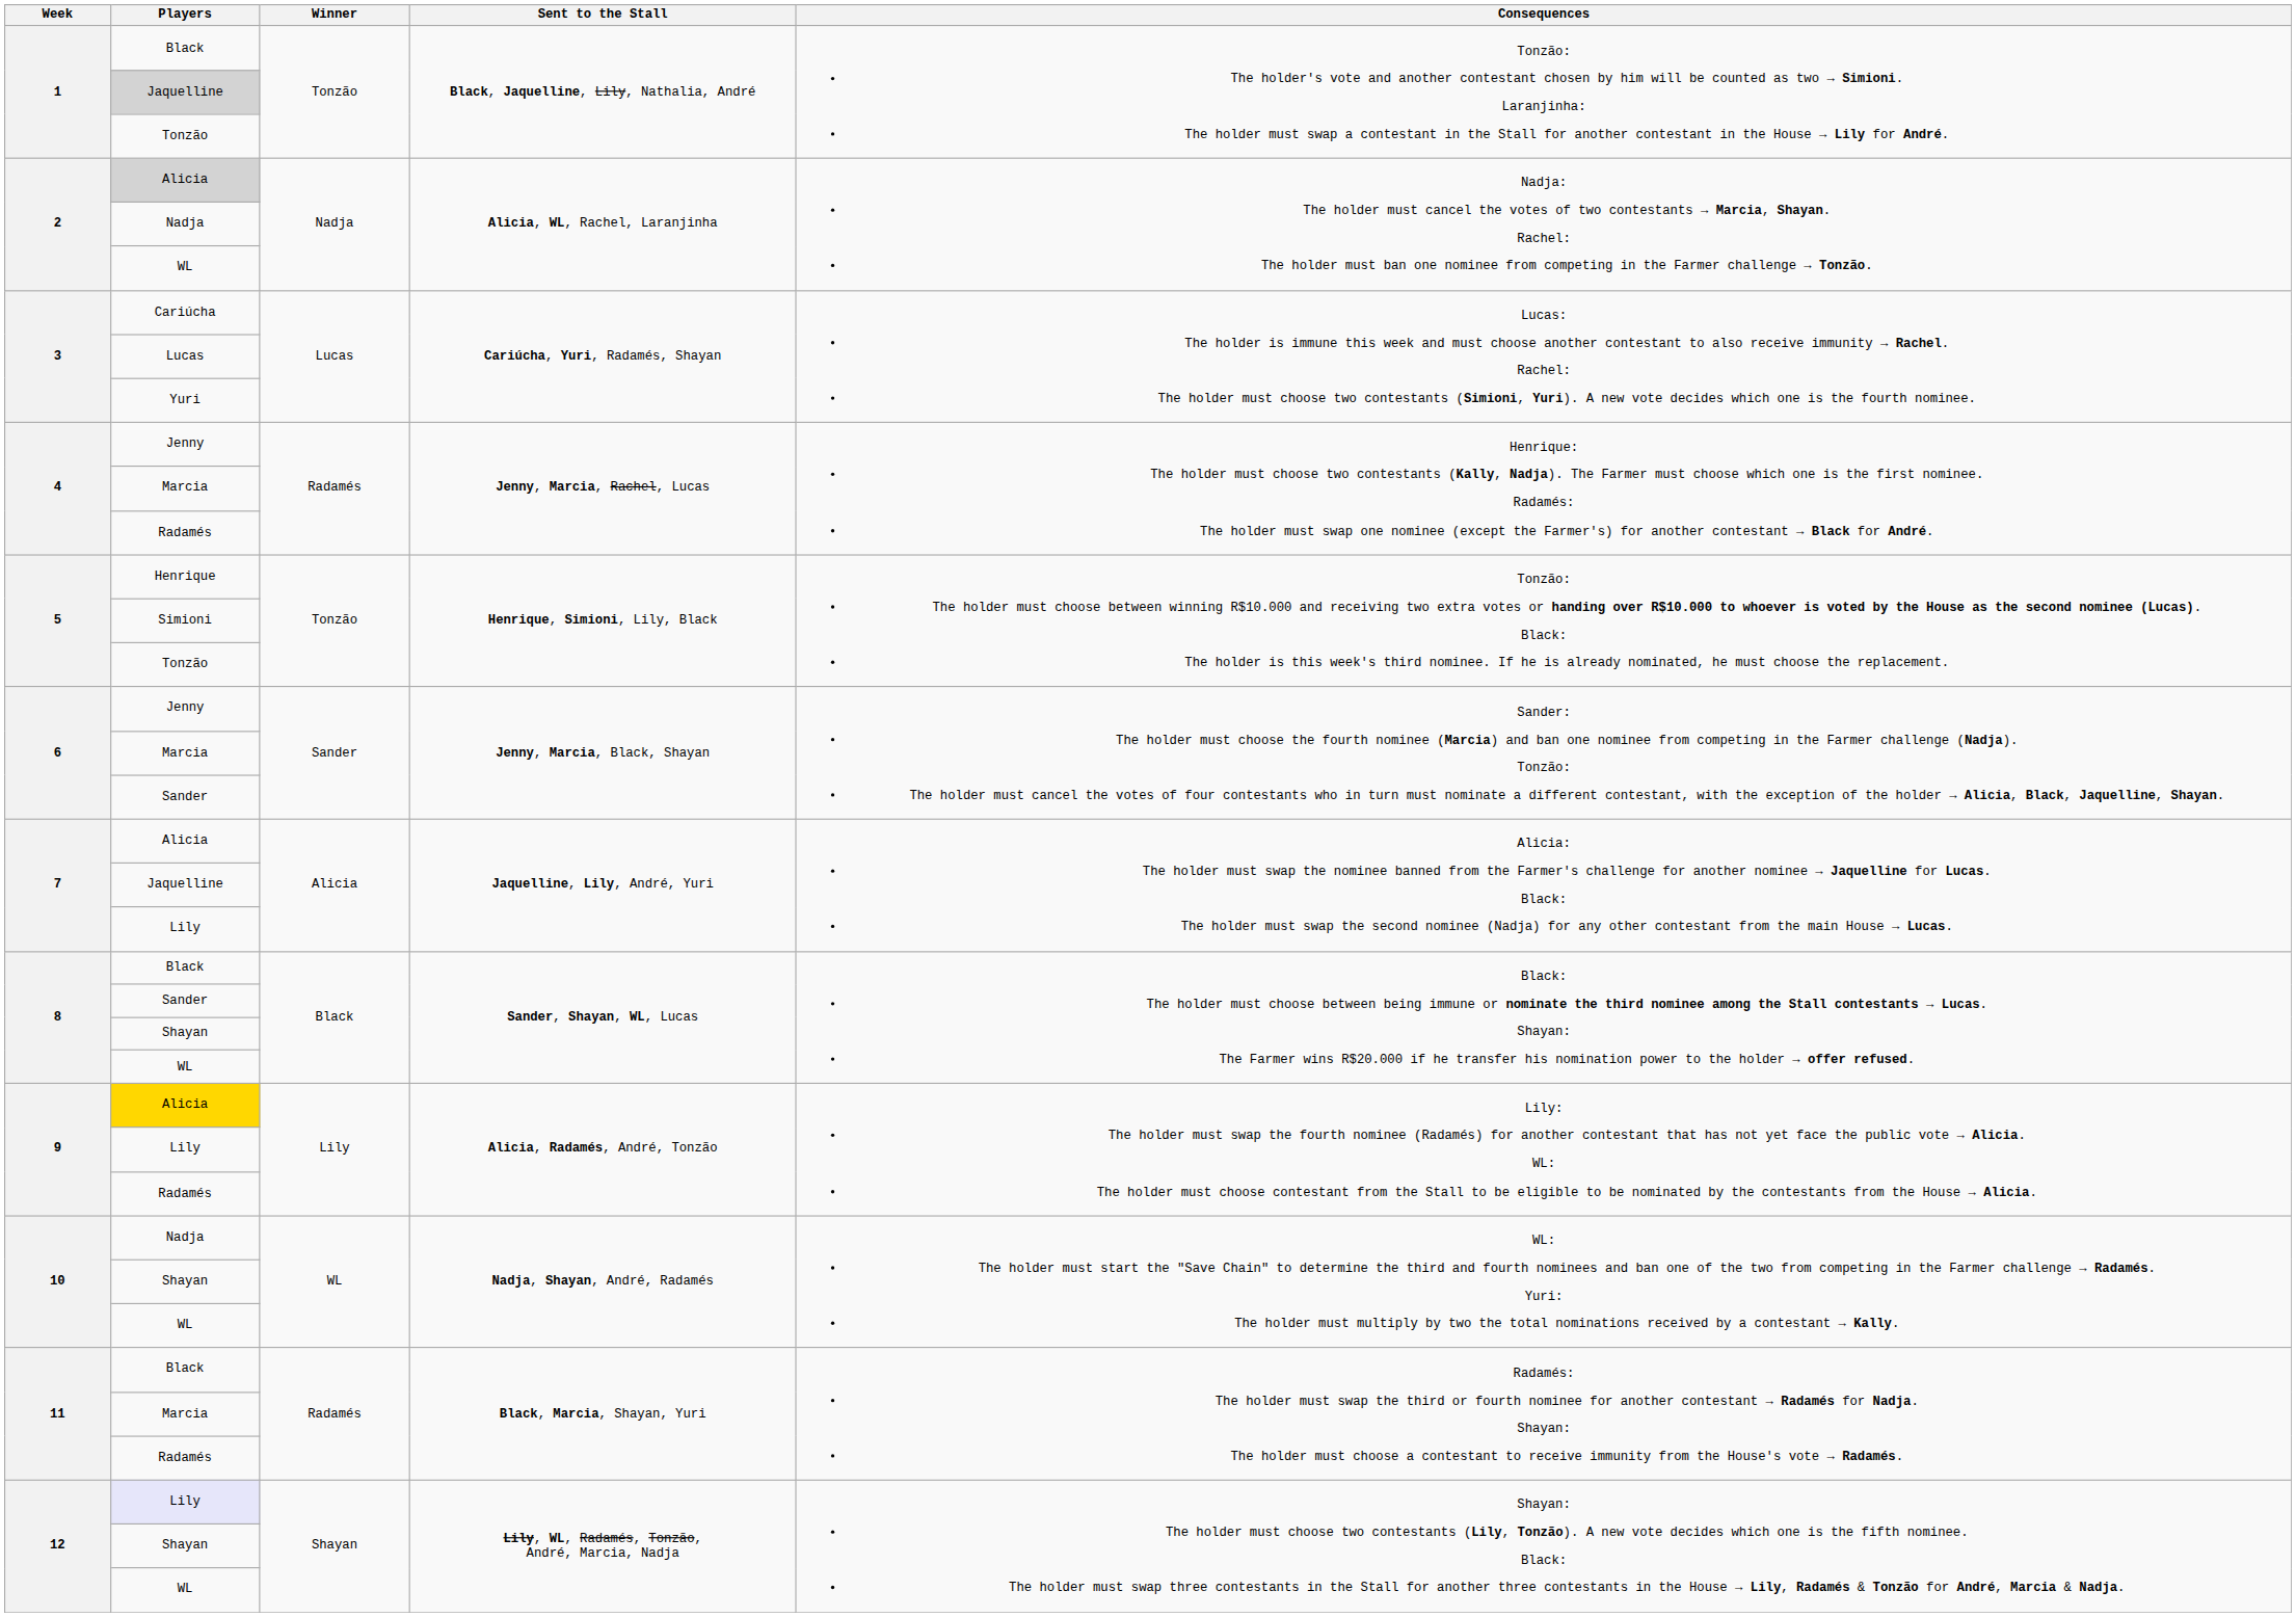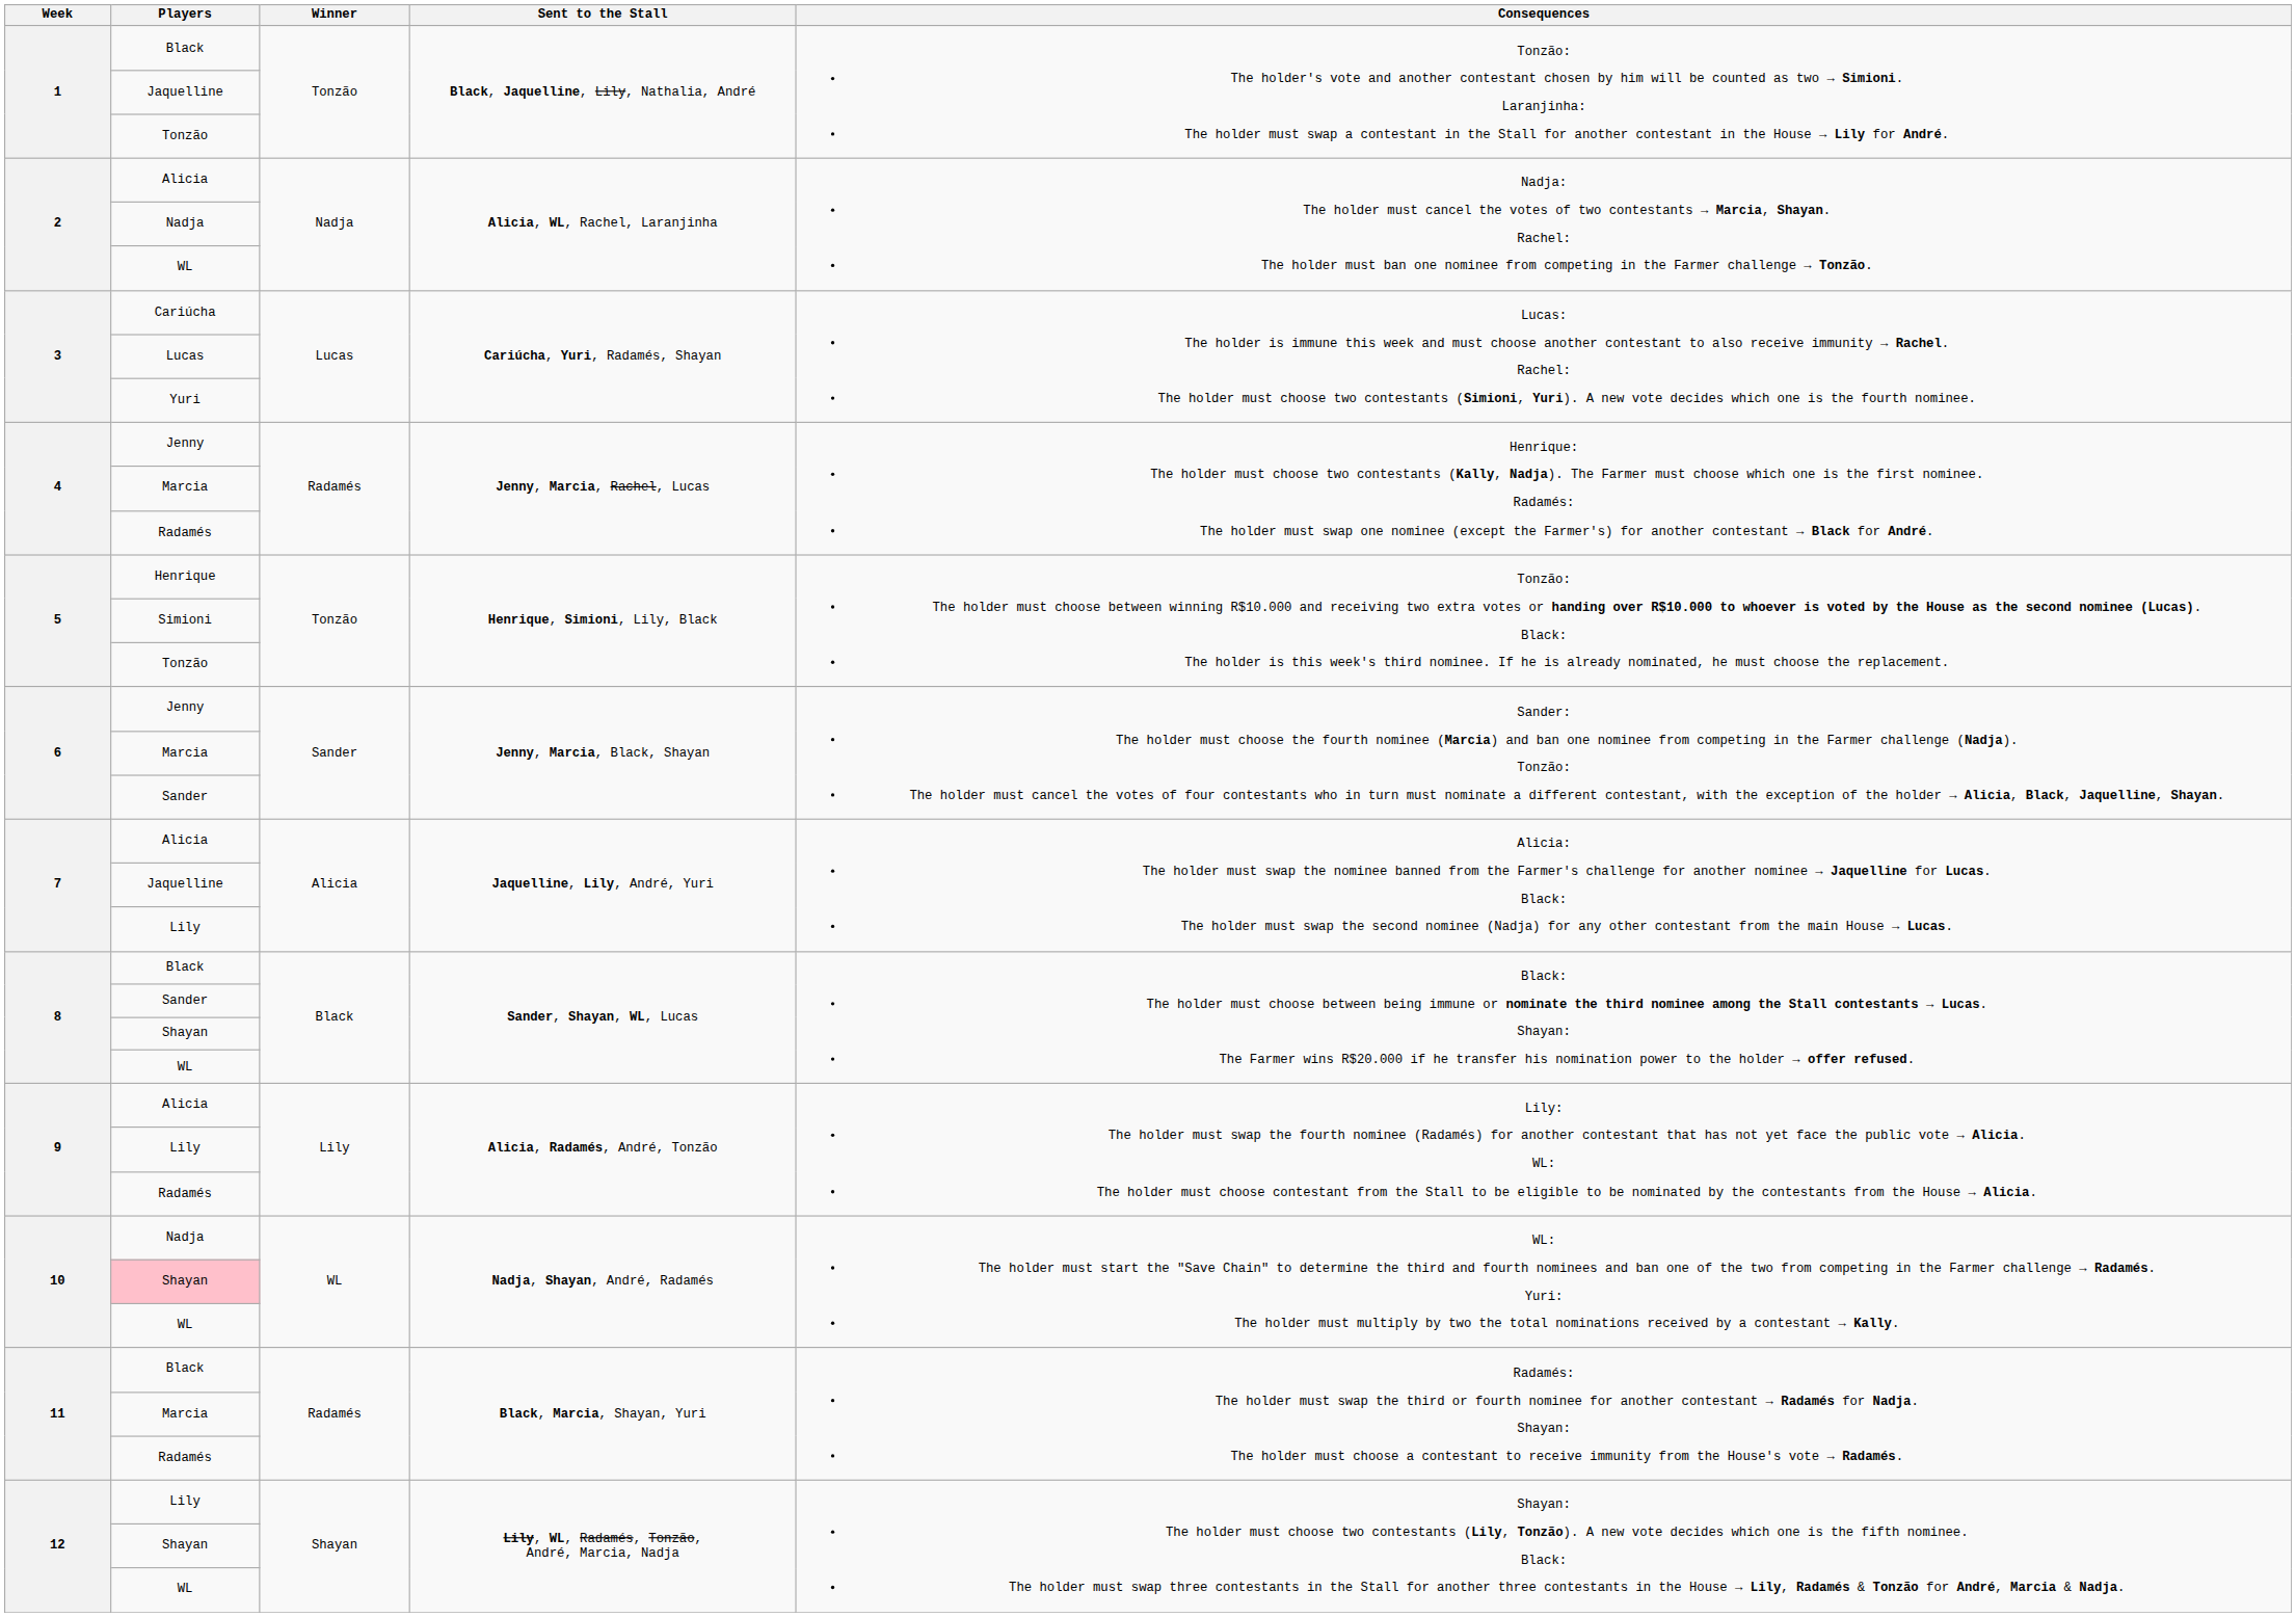 <table class="wikitable" style="text-align:center; font-size:85%; width:100%; line-height:13px;">
 <tr>
 <th width="03.00%">Week</th>
 <th width="04.25%">Players</th>
 <th width="04.25%">Winner</th>
 <th width="11.00%">Sent to the Stall</th>
 <th width="42.50%">Consequences</th>
 </tr>
 <tr>
 <th rowspan=3>1</th>
 <td>Black</td>
 <td rowspan=3>Tonzão</td>
 <td rowspan=3 style="height:90px"><strong>Black</strong>, <strong>Jaquelline</strong>, <s>Lily</s>, Nathalia, André</td>
 <td rowspan=3><br>Tonzão:<ul><li> The holder's vote and another contestant chosen by him will be counted as two → <strong>Simioni</strong>.</li></ul>Laranjinha:<ul><li> The holder must swap a contestant in the Stall for another contestant in the House → <strong>Lily</strong> for <strong>André</strong>.</li></ul></td>
 </tr>
 <tr>
-<td style="background: lightgrey;">Jaquelline</td>
+<td>Jaquelline</td>
 </tr>
 <tr>
 <td>Tonzão</td>
 </tr>
 <tr>
 <th rowspan=3>2</th>
-<td style="background: lightgrey;">Alicia</td>
+<td>Alicia</td>
 <td rowspan=3>Nadja</td>
 <td rowspan=3 style="height:90px"><strong>Alicia</strong>, <strong>WL</strong>, Rachel, Laranjinha</td>
 <td rowspan=3><br>Nadja:<ul><li> The holder must cancel the votes of two contestants → <strong>Marcia</strong>, <strong>Shayan</strong>.</li></ul>Rachel:<ul><li> The holder must ban one nominee from competing in the Farmer challenge → <strong>Tonzão</strong>.</li></ul></td>
 </tr>
 <tr>
 <td>Nadja</td>
 </tr>
 <tr>
 <td>WL</td>
 </tr>
 <tr>
 <th rowspan=3>3</th>
 <td>Cariúcha</td>
 <td rowspan=3>Lucas</td>
 <td rowspan=3 style="height:90px"><strong>Cariúcha</strong>, <strong>Yuri</strong>, Radamés, Shayan</td>
 <td rowspan=3><br>Lucas:<ul><li> The holder is immune this week and must choose another contestant to also receive immunity → <strong>Rachel</strong>.</li></ul>Rachel:<ul><li> The holder must choose two contestants (<strong>Simioni</strong>, <strong>Yuri</strong>). A new vote decides which one is the fourth nominee.</li></ul></td>
 </tr>
 <tr>
 <td>Lucas</td>
 </tr>
 <tr>
 <td>Yuri</td>
 </tr>
 <tr>
 <th rowspan=3>4</th>
 <td>Jenny</td>
 <td rowspan=3>Radamés</td>
 <td rowspan=3 style="height:90px"><strong>Jenny</strong>, <strong>Marcia</strong>, <s>Rachel</s>, Lucas</td>
 <td rowspan=3><br>Henrique:<ul><li> The holder must choose two contestants (<strong>Kally</strong>, <strong>Nadja</strong>). The Farmer must choose which one is the first nominee.</li></ul>Radamés:<ul><li> The holder must swap one nominee (except the Farmer's) for another contestant → <strong>Black</strong> for <strong>André</strong>.</li></ul></td>
 </tr>
 <tr>
 <td>Marcia</td>
 </tr>
 <tr>
 <td>Radamés</td>
 </tr>
 <tr>
 <th rowspan=3>5</th>
 <td>Henrique</td>
 <td rowspan=3>Tonzão</td>
 <td rowspan=3 style="height:90px"><strong>Henrique</strong>, <strong>Simioni</strong>, Lily, Black</td>
 <td rowspan=3><br>Tonzão:<ul><li> The holder must choose between winning R$10.000 and receiving two extra votes or <strong>handing over R$10.000 to whoever is voted by the House as the second nominee (Lucas)</strong>.</li></ul>Black:<ul><li> The holder is this week's third nominee. If he is already nominated, he must choose the replacement.</li></ul></td>
 </tr>
 <tr>
 <td>Simioni</td>
 </tr>
 <tr>
 <td>Tonzão</td>
 </tr>
 <tr>
 <th rowspan=3>6</th>
 <td>Jenny</td>
 <td rowspan=3>Sander</td>
 <td rowspan=3 style="height:90px"><strong>Jenny</strong>, <strong>Marcia</strong>, Black, Shayan</td>
 <td rowspan=3><br>Sander:<ul><li> The holder must choose the fourth nominee (<strong>Marcia</strong>) and ban one nominee from competing in the Farmer challenge (<strong>Nadja</strong>).</li></ul>Tonzão:<ul><li> The holder must cancel the votes of four contestants who in turn must nominate a different contestant, with the exception of the holder → <strong>Alicia</strong>, <strong>Black</strong>, <strong>Jaquelline</strong>, <strong>Shayan</strong>.</li></ul></td>
 </tr>
 <tr>
 <td>Marcia</td>
 </tr>
 <tr>
 <td>Sander</td>
 </tr>
 <tr>
 <th rowspan=3>7</th>
 <td>Alicia</td>
 <td rowspan=3>Alicia</td>
 <td rowspan=3 style="height:90px"><strong>Jaquelline</strong>, <strong>Lily</strong>, André, Yuri</td>
 <td rowspan=3><br>Alicia:<ul><li> The holder must swap the nominee banned from the Farmer's challenge for another nominee → <strong>Jaquelline</strong> for <strong>Lucas</strong>.</li></ul>Black:<ul><li> The holder must swap the second nominee (Nadja) for any other contestant from the main House → <strong>Lucas</strong>.</li></ul></td>
 </tr>
 <tr>
 <td>Jaquelline</td>
 </tr>
 <tr>
 <td>Lily</td>
 </tr>
 <tr>
 <th rowspan=4>8</th>
 <td>Black</td>
 <td rowspan=4>Black</td>
 <td rowspan=4 style="height:90px"><strong>Sander</strong>, <strong>Shayan</strong>, <strong>WL</strong>, Lucas</td>
 <td rowspan=4><br>Black:<ul><li> The holder must choose between being immune or <strong>nominate the third nominee among the Stall contestants → Lucas</strong>.</li></ul>Shayan:<ul><li> The Farmer wins R$20.000 if he transfer his nomination power to the holder → <strong>offer refused</strong>.</li></ul></td>
 </tr>
 <tr>
 <td>Sander</td>
 </tr>
 <tr>
 <td>Shayan</td>
 </tr>
 <tr>
 <td>WL</td>
 </tr>
 <tr>
 <th rowspan=3>9</th>
-<td style="background: gold;">Alicia</td>
+<td>Alicia</td>
 <td rowspan=3>Lily</td>
 <td rowspan=3 style="height:90px"><strong>Alicia</strong>, <strong>Radamés</strong>, André, Tonzão</td>
 <td rowspan=3><br>Lily:<ul><li> The holder must swap the fourth nominee (Radamés) for another contestant that has not yet face the public vote → <strong>Alicia</strong>.</li></ul>WL:<ul><li> The holder must choose contestant from the Stall to be eligible to be nominated by the contestants from the House → <strong>Alicia</strong>.</li></ul></td>
 </tr>
 <tr>
 <td>Lily</td>
 </tr>
 <tr>
 <td>Radamés</td>
 </tr>
 <tr>
 <th rowspan=3>10</th>
 <td>Nadja</td>
 <td rowspan=3>WL</td>
 <td rowspan=3 style="height:90px"><strong>Nadja</strong>, <strong>Shayan</strong>, André, Radamés</td>
 <td rowspan=3><br>WL:<ul><li> The holder must start the "Save Chain" to determine the third and fourth nominees and ban one of the two from competing in the Farmer challenge → <strong>Radamés</strong>.</li></ul>Yuri:<ul><li> The holder must multiply by two the total nominations received by a contestant → <strong>Kally</strong>.</li></ul></td>
 </tr>
 <tr>
-<td>Shayan</td>
+<td style="background: pink;">Shayan</td>
 </tr>
 <tr>
 <td>WL</td>
 </tr>
 <tr>
 <th rowspan=3>11</th>
 <td>Black</td>
 <td rowspan=3>Radamés</td>
 <td rowspan=3 style="height:90px"><strong>Black</strong>, <strong>Marcia</strong>, Shayan, Yuri</td>
 <td rowspan=3><br>Radamés:<ul><li> The holder must swap the third or fourth nominee for another contestant → <strong>Radamés</strong> for <strong>Nadja</strong>.</li></ul>Shayan:<ul><li> The holder must choose a contestant to receive immunity from the House's vote → <strong>Radamés</strong>.</li></ul></td>
 </tr>
 <tr>
 <td>Marcia</td>
 </tr>
 <tr>
 <td>Radamés</td>
 </tr>
 <tr>
 <th rowspan=3>12</th>
-<td style="background: lavender;">Lily</td>
+<td>Lily</td>
 <td rowspan=3>Shayan</td>
 <td rowspan=3 style="height:90px"><s><strong>Lily</strong></s>, <strong>WL</strong>, <s>Radamés</s>, <s>Tonzão</s>,<br>André, Marcia, Nadja</td>
 <td rowspan=3><br>Shayan:<ul><li> The holder must choose two contestants (<strong>Lily</strong>, <strong>Tonzão</strong>). A new vote decides which one is the fifth nominee.</li></ul>Black:<ul><li> The holder must swap three contestants in the Stall for another three contestants in the House → <strong>Lily</strong>, <strong>Radamés</strong> & <strong>Tonzão</strong> for <strong>André</strong>, <strong>Marcia</strong> & <strong>Nadja</strong>.</li></ul></td>
 </tr>
 <tr>
 <td>Shayan</td>
 </tr>
 <tr>
 <td>WL</td>
 </tr>
 </table>
